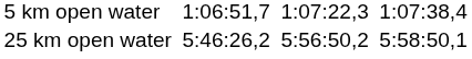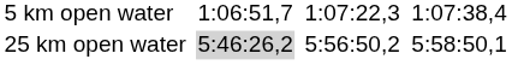 <table>
 <tr>
 <td>5 km open water</td>
 <td></td>
 <td>1:06:51,7</td>
 <td></td>
 <td>1:07:22,3</td>
 <td></td>
 <td>1:07:38,4</td>
 </tr>
 <tr>
 <td>25 km open water</td>
 <td></td>
-<td>5:46:26,2</td>
+<td style="background: lightgrey;">5:46:26,2</td>
 <td></td>
 <td>5:56:50,2</td>
 <td></td>
 <td>5:58:50,1</td>
 </tr>
 </table>
